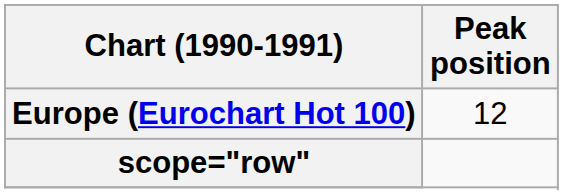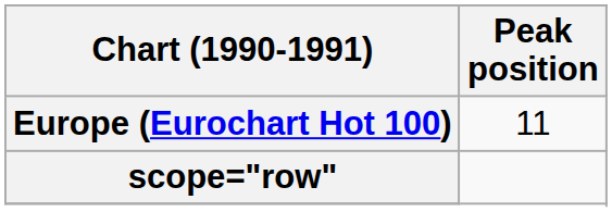 <table class="wikitable sortable plainrowheaders">
 <tr>
 <th>Chart (1990-1991)</th>
 <th align="center">Peak<br>position</th>
 </tr>
 <tr>
 <th scope="row">Europe (<a href='#'>Eurochart Hot 100</a>)</th>
-<td align="center">12</td>
+<td align="center">11</td>
 </tr>
 <tr>
 <th>scope="row"</th>
 </tr>
 <tr>
 </tr>
 </table>
